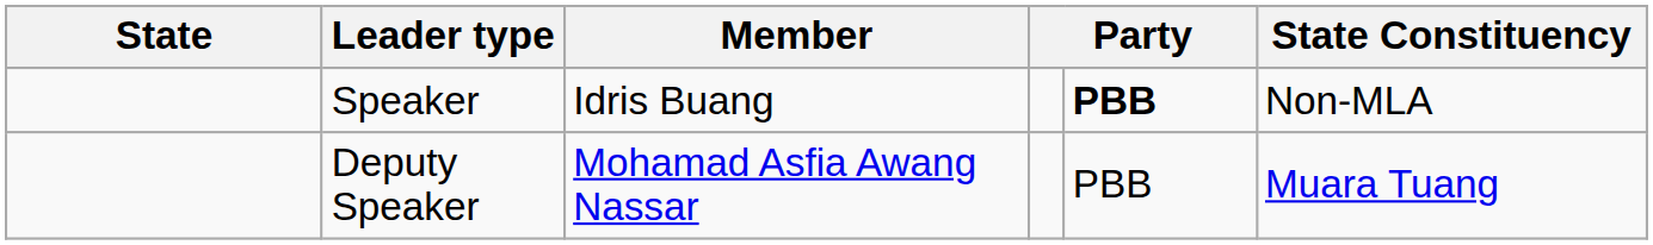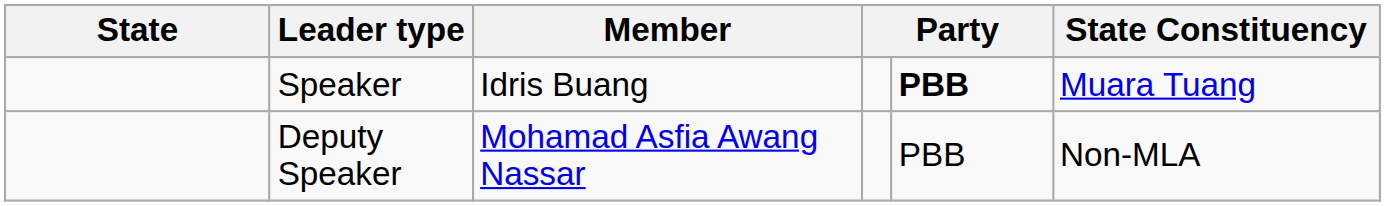 <table class ="wikitable sortable">
 <tr>
 <th style="width:120px;">State</th>
 <th style="width:90px;">Leader type</th>
 <th style="width:180px;">Member</th>
 <th style="width:84px;" colspan=2>Party</th>
 <th style="width:150px;">State Constituency</th>
 </tr>
 <tr>
 <td></td>
 <td>Speaker</td>
 <td>Idris Buang</td>
 <td></td>
 <td><strong>PBB</strong></td>
-<td>Non-MLA</td>
+<td><a href='#'>Muara Tuang</a></td>
 </tr>
 <tr>
 <td></td>
 <td>Deputy Speaker</td>
 <td><a href='#'>Mohamad Asfia Awang Nassar</a></td>
 <td></td>
 <td>PBB</td>
-<td><a href='#'>Muara Tuang</a></td>
+<td>Non-MLA</td>
 </tr>
 </table>
